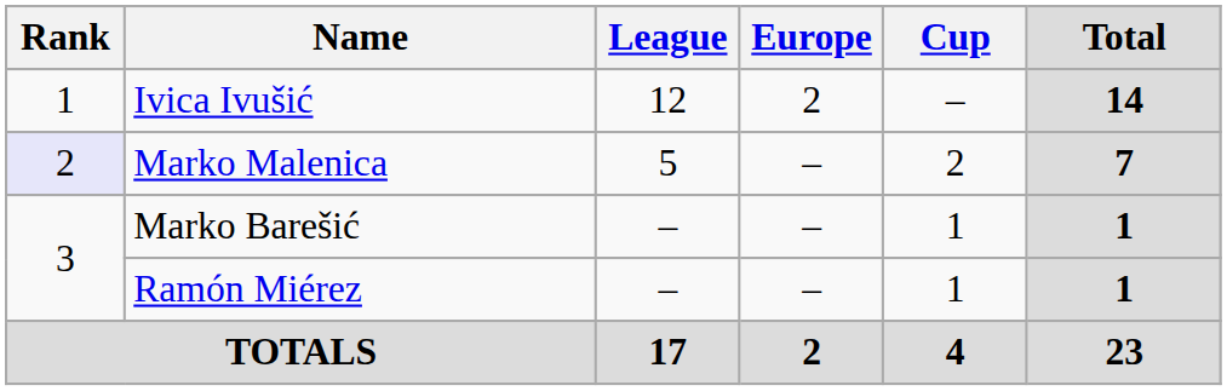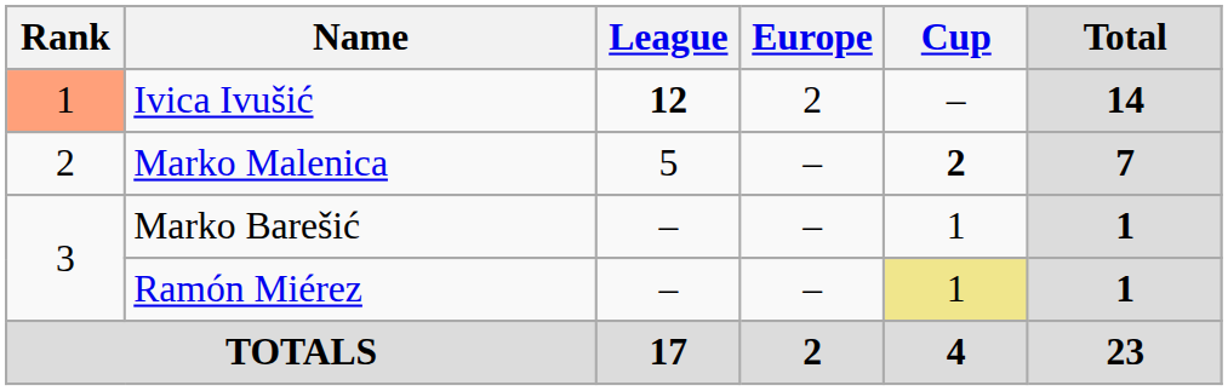 <table class="wikitable" style="font-size: 95%; text-align: center;">
 <tr>
 <th width=40>Rank</th>
 <th width=180>Name</th>
 <th width=50><a href='#'>League</a></th>
 <th width=50><a href='#'>Europe</a></th>
 <th width=50><a href='#'>Cup</a></th>
 <th width=70 style="background: #DCDCDC">Total</th>
 </tr>
 <tr>
-<td rowspan=1>1</td>
+<td rowspan=1 style="background: lightsalmon;">1</td>
 <td style="text-align:left;"> <a href='#'>Ivica Ivušić</a></td>
-<td>12</td>
+<td><strong>12</strong></td>
 <td>2</td>
 <td>–</td>
 <th style="background: #DCDCDC">14</th>
 </tr>
 <tr>
-<td rowspan=1 style="background: lavender;">2</td>
+<td rowspan=1>2</td>
 <td style="text-align:left;"> <a href='#'>Marko Malenica</a></td>
 <td>5</td>
 <td>–</td>
-<td>2</td>
+<td><strong>2</strong></td>
 <th style="background: #DCDCDC">7</th>
 </tr>
 <tr>
 <td rowspan=2>3</td>
 <td style="text-align:left;"> Marko Barešić</td>
 <td>–</td>
 <td>–</td>
 <td>1</td>
 <th style="background: #DCDCDC">1</th>
 </tr>
 <tr>
 <td style="text-align:left;"> <a href='#'>Ramón Miérez</a></td>
 <td>–</td>
 <td>–</td>
-<td>1</td>
+<td style="background: khaki;">1</td>
 <th style="background: #DCDCDC">1</th>
 </tr>
 <tr>
 <th colspan="2" align="center" style="background: #DCDCDC">TOTALS</th>
 <th style="background: #DCDCDC">17</th>
 <th style="background: #DCDCDC">2</th>
 <th style="background: #DCDCDC">4</th>
 <th style="background: #DCDCDC">23</th>
 </tr>
 </table>
